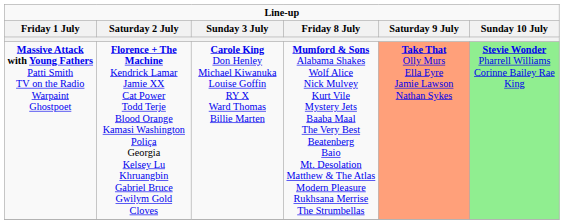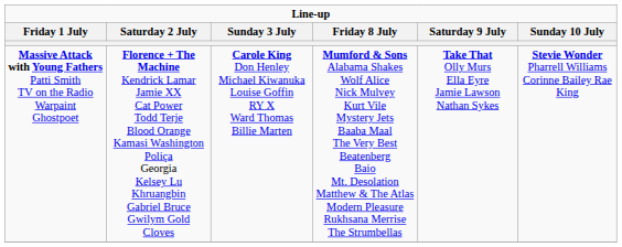 <table class="wikitable">
 <tr>
 <td colspan="6" style="text-align:center;"><strong>Line-up</strong></td>
 </tr>
 <tr>
 <th>Friday 1 July</th>
 <th>Saturday 2 July</th>
 <th>Sunday 3 July</th>
 <th>Friday 8 July</th>
 <th>Saturday 9 July</th>
 <th>Sunday 10 July</th>
 </tr>
 <tr>
 <th colspan="6" style="text-align:center;"></th>
 </tr>
 <tr>
 <td style="text-align:center; vertical-align:top; width:200px;"><strong><a href='#'>Massive Attack</a> with <a href='#'>Young Fathers</a> </strong><br><a href='#'>Patti Smith</a> <br><a href='#'>TV on the Radio</a> <br><a href='#'>Warpaint</a> <br><a href='#'>Ghostpoet</a></td>
 <td style="text-align:center; vertical-align:top; width:200px;"><strong><a href='#'>Florence + The Machine</a></strong><br><a href='#'>Kendrick Lamar</a> <br><a href='#'>Jamie XX</a> <br><a href='#'>Cat Power</a><br><a href='#'>Todd Terje</a> <br><a href='#'>Blood Orange</a> <br><a href='#'>Kamasi Washington</a> <br><a href='#'>Poliça</a> <br>Georgia <br><a href='#'>Kelsey Lu</a> <br><a href='#'>Khruangbin</a> <br><a href='#'>Gabriel Bruce</a> <br><a href='#'>Gwilym Gold</a> <br><a href='#'>Cloves</a></td>
 <td style="text-align:center; vertical-align:top; width:200px;"><strong><a href='#'>Carole King</a></strong><br><a href='#'>Don Henley</a> <br><a href='#'>Michael Kiwanuka</a> <br><a href='#'>Louise Goffin</a> <br><a href='#'>RY X</a><br><a href='#'>Ward Thomas</a><br><a href='#'>Billie Marten</a></td>
 <td style="text-align:center; vertical-align:top; width:200px;"><strong><a href='#'>Mumford & Sons</a></strong><br><a href='#'>Alabama Shakes</a> <br><a href='#'>Wolf Alice</a> <br><a href='#'>Nick Mulvey</a> <br><a href='#'>Kurt Vile</a> <br><a href='#'>Mystery Jets</a><br><a href='#'>Baaba Maal</a> <br><a href='#'>The Very Best</a> <br><a href='#'>Beatenberg</a> <br><a href='#'>Baio</a> <br><a href='#'>Mt. Desolation</a> <br><a href='#'>Matthew & The Atlas</a> <br><a href='#'>Modern Pleasure</a> <br><a href='#'>Rukhsana Merrise</a> <br><a href='#'>The Strumbellas</a></td>
-<td style="background: lightsalmon; text-align:center; vertical-align:top; width:200px;"><strong><a href='#'>Take That</a></strong><br><a href='#'>Olly Murs</a> <br><a href='#'>Ella Eyre</a> <br><a href='#'>Jamie Lawson</a> <br><a href='#'>Nathan Sykes</a></td>
-<td style="background: lightgreen; text-align:center; vertical-align:top; width:200px;"><strong><a href='#'>Stevie Wonder</a></strong><br><a href='#'>Pharrell Williams</a> <br><a href='#'>Corinne Bailey Rae</a> <br><a href='#'>King</a></td>
+<td style="text-align:center; vertical-align:top; width:200px;"><strong><a href='#'>Take That</a></strong><br><a href='#'>Olly Murs</a> <br><a href='#'>Ella Eyre</a> <br><a href='#'>Jamie Lawson</a> <br><a href='#'>Nathan Sykes</a></td>
+<td style="text-align:center; vertical-align:top; width:200px;"><strong><a href='#'>Stevie Wonder</a></strong><br><a href='#'>Pharrell Williams</a> <br><a href='#'>Corinne Bailey Rae</a> <br><a href='#'>King</a></td>
 </tr>
 <tr>
 </tr>
 </table>
